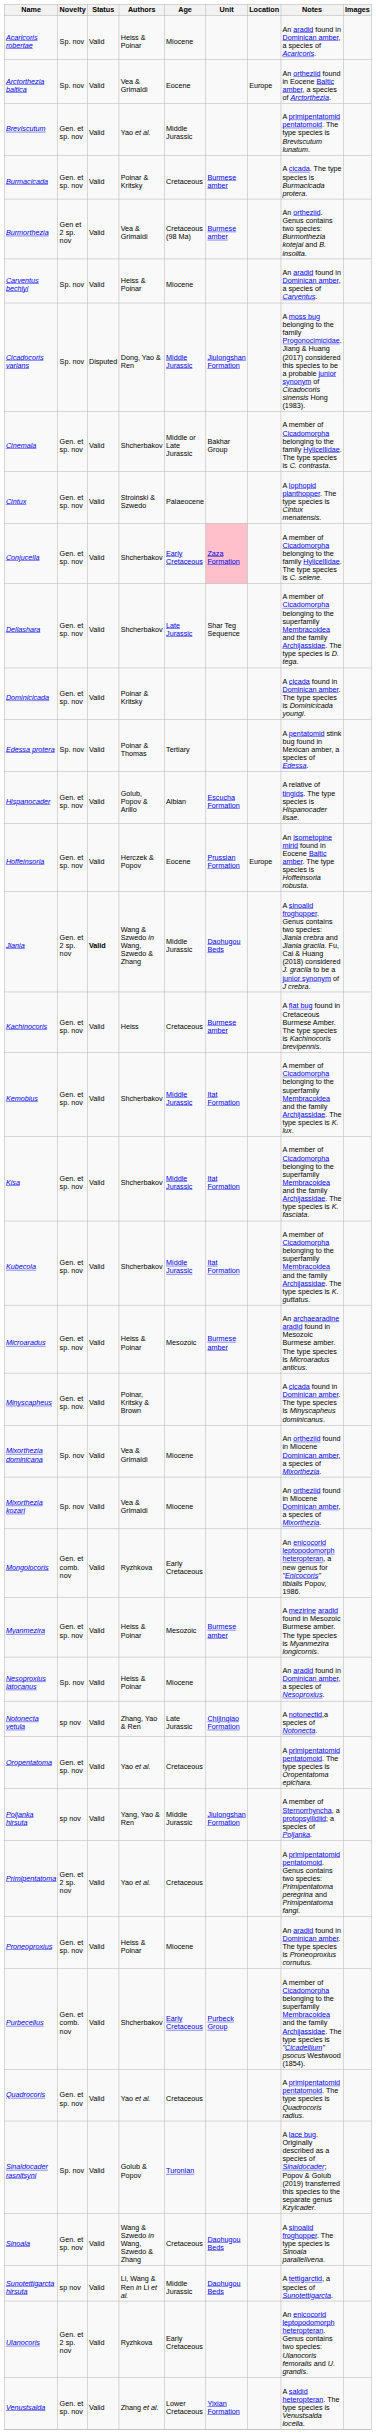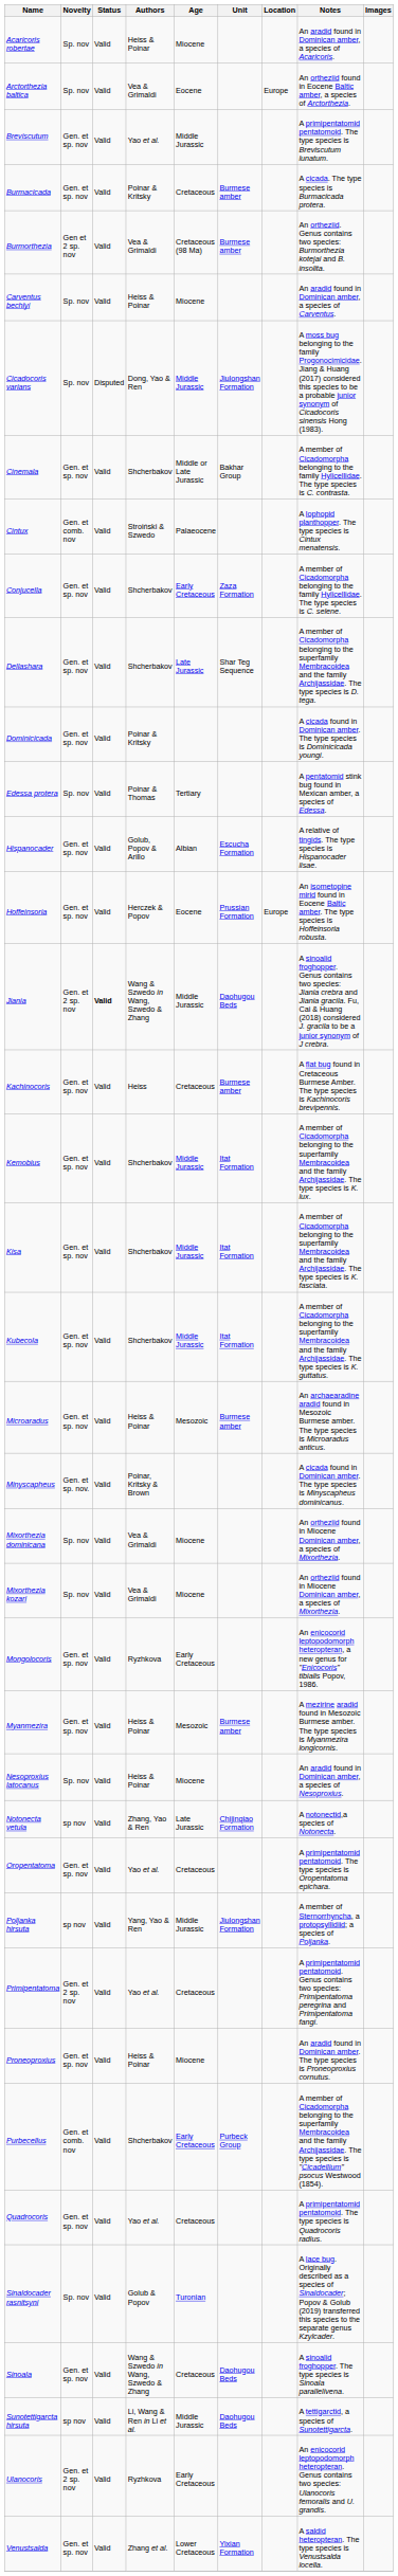 <table class="wikitable sortable" align="center" width="100%">
 <tr>
 <th>Name</th>
 <th>Novelty</th>
 <th>Status</th>
 <th>Authors</th>
 <th>Age</th>
 <th>Unit</th>
 <th>Location</th>
 <th>Notes</th>
 <th>Images</th>
 </tr>
 <tr>
 <td><br><em><a href='#'>Acaricoris robertae</a></em></td>
 <td><br>Sp. nov</td>
 <td><br>Valid</td>
 <td><br>Heiss & Poinar</td>
 <td><br>Miocene</td>
 <td></td>
 <td><br></td>
 <td><br>An <a href='#'>aradid</a> found in <a href='#'>Dominican amber</a>, a species of <em><a href='#'>Acaricoris</a></em>.</td>
 <td></td>
 </tr>
 <tr>
 <td><br><em><a href='#'>Arctorthezia baltica</a></em></td>
 <td><br>Sp. nov</td>
 <td><br>Valid</td>
 <td><br>Vea & Grimaldi</td>
 <td><br>Eocene</td>
 <td></td>
 <td><br>Europe</td>
 <td><br>An <a href='#'>ortheziid</a> found in Eocene <a href='#'>Baltic amber</a>, a species of <em><a href='#'>Arctorthezia</a></em>.</td>
 <td></td>
 </tr>
 <tr>
 <td><em><a href='#'>Breviscutum</a></em></td>
 <td><br>Gen. et sp. nov</td>
 <td><br>Valid</td>
 <td><br>Yao <em>et al.</em></td>
 <td><br>Middle Jurassic</td>
 <td></td>
 <td><br></td>
 <td><br>A <a href='#'>primipentatomid</a> <a href='#'>pentatomoid</a>. The type species is <em>Breviscutum lunatum</em>.</td>
 <td></td>
 </tr>
 <tr>
 <td><br><em><a href='#'>Burmacicada</a></em></td>
 <td><br>Gen. et sp. nov</td>
 <td><br>Valid</td>
 <td><br>Poinar & Kritsky</td>
 <td><br>Cretaceous</td>
 <td><br><a href='#'>Burmese amber</a></td>
 <td><br></td>
 <td><br>A <a href='#'>cicada</a>. The type species is <em>Burmacicada protera</em>.</td>
 <td></td>
 </tr>
 <tr>
 <td><br><em><a href='#'>Burmorthezia</a></em></td>
 <td><br>Gen et 2 sp. nov</td>
 <td><br>Valid</td>
 <td><br>Vea & Grimaldi</td>
 <td><br>Cretaceous (98 Ma)</td>
 <td><br><a href='#'>Burmese amber</a></td>
 <td><br></td>
 <td><br>An <a href='#'>ortheziid</a>. Genus contains two species: <em>Burmorthezia kotejai</em> and <em>B. insolita</em>.</td>
 <td></td>
 </tr>
 <tr>
 <td><br><em><a href='#'>Carventus bechlyi</a></em></td>
 <td><br>Sp. nov</td>
 <td><br>Valid</td>
 <td><br>Heiss & Poinar</td>
 <td><br>Miocene</td>
 <td></td>
 <td><br></td>
 <td><br>An <a href='#'>aradid</a> found in <a href='#'>Dominican amber</a>, a species of <em><a href='#'>Carventus</a></em>.</td>
 <td></td>
 </tr>
 <tr>
 <td><br><em><a href='#'>Cicadocoris varians</a></em></td>
 <td><br>Sp. nov</td>
 <td><br>Disputed</td>
 <td><br>Dong, Yao & Ren</td>
 <td><br><a href='#'>Middle Jurassic</a></td>
 <td><br><a href='#'>Jiulongshan Formation</a></td>
 <td><br></td>
 <td><br>A <a href='#'>moss bug</a> belonging to the family <a href='#'>Progonocimicidae</a>. Jiang & Huang (2017) considered this species to be a probable <a href='#'>junior synonym</a> of <em>Cicadocoris sinensis</em> Hong (1983).</td>
 <td></td>
 </tr>
 <tr>
 <td><br><em><a href='#'>Cinemala</a></em></td>
 <td><br>Gen. et sp. nov</td>
 <td><br>Valid</td>
 <td><br>Shcherbakov</td>
 <td><br>Middle or Late Jurassic</td>
 <td><br>Bakhar Group</td>
 <td><br></td>
 <td><br>A member of <a href='#'>Cicadomorpha</a> belonging to the family <a href='#'>Hylicellidae</a>. The type species is <em>C. contrasta</em>.</td>
 <td></td>
 </tr>
 <tr>
 <td><br><em><a href='#'>Cintux</a></em></td>
-<td><br>Gen. et sp. nov</td>
+<td><br>Gen. et comb. nov</td>
 <td><br>Valid</td>
 <td><br>Stroiński & Szwedo</td>
 <td><br>Palaeocene</td>
 <td></td>
 <td><br></td>
 <td><br>A <a href='#'>lophopid</a> <a href='#'>planthopper</a>. The type species is <em>Cintux menatensis</em>.</td>
 <td></td>
 </tr>
 <tr>
 <td><br><em><a href='#'>Conjucella</a></em></td>
 <td><br>Gen. et sp. nov</td>
 <td><br>Valid</td>
 <td><br>Shcherbakov</td>
 <td><br><a href='#'>Early Cretaceous</a></td>
-<td style="background: pink;"><br><a href='#'>Zaza Formation</a></td>
+<td><br><a href='#'>Zaza Formation</a></td>
 <td><br></td>
 <td><br>A member of <a href='#'>Cicadomorpha</a> belonging to the family <a href='#'>Hylicellidae</a>. The type species is <em>C. selene</em>.</td>
 <td></td>
 </tr>
 <tr>
 <td><br><em><a href='#'>Dellashara</a></em></td>
 <td><br>Gen. et sp. nov</td>
 <td><br>Valid</td>
 <td><br>Shcherbakov</td>
 <td><br><a href='#'>Late Jurassic</a></td>
 <td><br>Shar Teg Sequence</td>
 <td><br></td>
 <td><br>A member of <a href='#'>Cicadomorpha</a> belonging to the superfamily <a href='#'>Membracoidea</a> and the family <a href='#'>Archijassidae</a>. The type species is <em>D. tega</em>.</td>
 <td></td>
 </tr>
 <tr>
 <td><br><em><a href='#'>Dominicicada</a></em></td>
 <td><br>Gen. et sp. nov</td>
 <td><br>Valid</td>
 <td><br>Poinar & Kritsky</td>
 <td></td>
 <td></td>
 <td><br></td>
 <td><br>A <a href='#'>cicada</a> found in <a href='#'>Dominican amber</a>. The type species is <em>Dominicicada youngi</em>.</td>
 <td></td>
 </tr>
 <tr>
 <td><br><em><a href='#'>Edessa protera</a></em></td>
 <td><br>Sp. nov</td>
 <td><br>Valid</td>
 <td><br>Poinar & Thomas</td>
 <td><br>Tertiary</td>
 <td></td>
 <td><br></td>
 <td><br>A <a href='#'>pentatomid</a> stink bug found in Mexican amber, a species of <em><a href='#'>Edessa</a></em>.</td>
 <td></td>
 </tr>
 <tr>
 <td><br><em><a href='#'>Hispanocader</a></em></td>
 <td><br>Gen. et sp. nov</td>
 <td><br>Valid</td>
 <td><br>Golub, Popov & Arillo</td>
 <td><br>Albian</td>
 <td><br><a href='#'>Escucha Formation</a></td>
 <td><br></td>
 <td><br>A relative of <a href='#'>tingids</a>. The type species is <em>Hispanocader lisae</em>.</td>
 <td></td>
 </tr>
 <tr>
 <td><br><em><a href='#'>Hoffeinsoria</a></em></td>
 <td><br>Gen. et sp. nov</td>
 <td><br>Valid</td>
 <td><br>Herczek & Popov</td>
 <td><br>Eocene</td>
 <td><br><a href='#'>Prussian Formation</a></td>
 <td><br>Europe</td>
 <td><br>An <a href='#'>isometopine</a> <a href='#'>mirid</a> found in Eocene <a href='#'>Baltic amber</a>. The type species is <em>Hoffeinsoria robusta</em>.</td>
 <td></td>
 </tr>
 <tr>
 <td><br><em><a href='#'>Jiania</a></em></td>
 <td><br>Gen. et 2 sp. nov</td>
 <td><strong><br>Valid</strong></td>
 <td><br>Wang & Szwedo <em>in</em> Wang, Szwedo & Zhang</td>
 <td><br>Middle Jurassic</td>
 <td><br><a href='#'>Daohugou Beds</a></td>
 <td><br></td>
 <td><br>A <a href='#'>sinoalid</a> <a href='#'>froghopper</a>. Genus contains two species: <em>Jiania crebra</em> and <em>Jiania gracila</em>. Fu, Cai & Huang (2018) considered <em>J. gracila</em> to be a <a href='#'>junior synonym</a> of <em>J crebra</em>.</td>
 <td></td>
 </tr>
 <tr>
 <td><br><em><a href='#'>Kachinocoris</a></em></td>
 <td><br>Gen. et sp. nov</td>
 <td><br>Valid</td>
 <td><br>Heiss</td>
 <td><br>Cretaceous</td>
 <td><br><a href='#'>Burmese amber</a></td>
 <td><br></td>
 <td><br>A <a href='#'>flat bug</a> found in Cretaceous Burmese Amber. The type species is <em>Kachinocoris brevipennis</em>.</td>
 <td></td>
 </tr>
 <tr>
 <td><br><em><a href='#'>Kemobius</a></em></td>
 <td><br>Gen. et sp. nov</td>
 <td><br>Valid</td>
 <td><br>Shcherbakov</td>
 <td><br><a href='#'>Middle Jurassic</a></td>
 <td><br><a href='#'>Itat Formation</a></td>
 <td><br></td>
 <td><br>A member of <a href='#'>Cicadomorpha</a> belonging to the superfamily <a href='#'>Membracoidea</a> and the family <a href='#'>Archijassidae</a>. The type species is <em>K. lux</em>.</td>
 <td></td>
 </tr>
 <tr>
 <td><br><em><a href='#'>Kisa</a></em></td>
 <td><br>Gen. et sp. nov</td>
 <td><br>Valid</td>
 <td><br>Shcherbakov</td>
 <td><br><a href='#'>Middle Jurassic</a></td>
 <td><br><a href='#'>Itat Formation</a></td>
 <td><br></td>
 <td><br>A member of <a href='#'>Cicadomorpha</a> belonging to the superfamily <a href='#'>Membracoidea</a> and the family <a href='#'>Archijassidae</a>. The type species is <em>K. fasciata</em>.</td>
 <td></td>
 </tr>
 <tr>
 <td><br><em><a href='#'>Kubecola</a></em></td>
 <td><br>Gen. et sp. nov</td>
 <td><br>Valid</td>
 <td><br>Shcherbakov</td>
 <td><br><a href='#'>Middle Jurassic</a></td>
 <td><br><a href='#'>Itat Formation</a></td>
 <td><br></td>
 <td><br>A member of <a href='#'>Cicadomorpha</a> belonging to the superfamily <a href='#'>Membracoidea</a> and the family <a href='#'>Archijassidae</a>. The type species is <em>K. guttatus</em>.</td>
 <td></td>
 </tr>
 <tr>
 <td><br><em><a href='#'>Microaradus</a></em></td>
 <td><br>Gen. et sp. nov</td>
 <td><br>Valid</td>
 <td><br>Heiss & Poinar</td>
 <td><br>Mesozoic</td>
 <td><br><a href='#'>Burmese amber</a></td>
 <td><br></td>
 <td><br>An <a href='#'>archaearadine</a> <a href='#'>aradid</a> found in Mesozoic Burmese amber. The type species is <em>Microaradus anticus</em>.</td>
 <td></td>
 </tr>
 <tr>
 <td><br><em><a href='#'>Minyscapheus</a></em></td>
 <td><br>Gen. et sp. nov.</td>
 <td><br>Valid</td>
 <td><br>Poinar, Kritsky & Brown</td>
 <td></td>
 <td></td>
 <td><br></td>
 <td><br>A <a href='#'>cicada</a> found in <a href='#'>Dominican amber</a>. The type species is <em>Minyscapheus dominicanus</em>.</td>
 <td></td>
 </tr>
 <tr>
 <td><br><em><a href='#'>Mixorthezia dominicana</a></em></td>
 <td><br>Sp. nov</td>
 <td><br>Valid</td>
 <td><br>Vea & Grimaldi</td>
 <td><br>Miocene</td>
 <td></td>
 <td><br></td>
 <td><br>An <a href='#'>ortheziid</a> found in Miocene <a href='#'>Dominican amber</a>, a species of <em><a href='#'>Mixorthezia</a></em>.</td>
 <td></td>
 </tr>
 <tr>
 <td><br><em><a href='#'>Mixorthezia kozari</a></em></td>
 <td><br>Sp. nov</td>
 <td><br>Valid</td>
 <td><br>Vea & Grimaldi</td>
 <td><br>Miocene</td>
 <td></td>
 <td><br></td>
 <td><br>An <a href='#'>ortheziid</a> found in Miocene <a href='#'>Dominican amber</a>, a species of <em><a href='#'>Mixorthezia</a></em>.</td>
 <td></td>
 </tr>
 <tr>
 <td><br><em><a href='#'>Mongolocoris</a></em></td>
-<td><br>Gen. et comb. nov</td>
+<td><br>Gen. et sp. nov</td>
 <td><br>Valid</td>
 <td><br>Ryzhkova</td>
 <td><br>Early Cretaceous</td>
 <td></td>
 <td><br></td>
 <td><br>An <a href='#'>enicocorid</a> <a href='#'>leptopodomorph</a> <a href='#'>heteropteran</a>, a new genus for <em>"<a href='#'>Enicocoris</a>" tibialis</em> Popov, 1986.</td>
 <td></td>
 </tr>
 <tr>
 <td><br><em><a href='#'>Myanmezira</a></em></td>
 <td><br>Gen. et sp. nov</td>
 <td><br>Valid</td>
 <td><br>Heiss & Poinar</td>
 <td><br>Mesozoic</td>
 <td><br><a href='#'>Burmese amber</a></td>
 <td><br></td>
 <td><br>A <a href='#'>mezirine</a> <a href='#'>aradid</a> found in Mesozoic Burmese amber. The type species is <em>Myanmezira longicornis</em>.</td>
 <td></td>
 </tr>
 <tr>
 <td><br><em><a href='#'>Nesoproxius latocanus</a></em></td>
 <td><br>Sp. nov</td>
 <td><br>Valid</td>
 <td><br>Heiss & Poinar</td>
 <td><br>Miocene</td>
 <td></td>
 <td><br></td>
 <td><br>An <a href='#'>aradid</a> found in <a href='#'>Dominican amber</a>, a species of <em><a href='#'>Nesoproxius</a></em>.</td>
 <td></td>
 </tr>
 <tr>
 <td><br><em><a href='#'>Notonecta vetula</a></em></td>
 <td><br>sp nov</td>
 <td><br>Valid</td>
 <td><br>Zhang, Yao & Ren</td>
 <td><br>Late Jurassic</td>
 <td><br><a href='#'>Chijinqiao Formation</a></td>
 <td><br></td>
 <td><br>A <a href='#'>notonectid</a>,a  species of <em><a href='#'>Notonecta</a></em>.</td>
 <td></td>
 </tr>
 <tr>
 <td><em><a href='#'>Oropentatoma</a></em></td>
 <td><br>Gen. et sp. nov</td>
 <td><br>Valid</td>
 <td><br>Yao <em>et al.</em></td>
 <td><br>Cretaceous</td>
 <td></td>
 <td><br></td>
 <td><br>A <a href='#'>primipentatomid</a> <a href='#'>pentatomoid</a>. The type species is <em>Oropentatoma epichara</em>.</td>
 <td></td>
 </tr>
 <tr>
 <td><br><em><a href='#'>Poljanka hirsuta</a></em></td>
 <td><br>sp nov</td>
 <td><br>Valid</td>
 <td><br>Yang, Yao & Ren</td>
 <td><br>Middle Jurassic</td>
 <td><br><a href='#'>Jiulongshan Formation</a></td>
 <td><br></td>
 <td><br>A member of <a href='#'>Sternorrhyncha</a>, a <a href='#'>protopsyllidiid</a>; a species of <em><a href='#'>Poljanka</a></em>.</td>
 <td></td>
 </tr>
 <tr>
 <td><em><a href='#'>Primipentatoma</a></em></td>
 <td><br>Gen. et 2 sp. nov</td>
 <td><br>Valid</td>
 <td><br>Yao <em>et al.</em></td>
 <td><br>Cretaceous</td>
 <td></td>
 <td><br></td>
 <td><br>A <a href='#'>primipentatomid</a> <a href='#'>pentatomoid</a>. Genus contains two species: <em>Primipentatoma peregrina</em> and <em>Primipentatoma fangi</em>.</td>
 <td></td>
 </tr>
 <tr>
 <td><br><em><a href='#'>Proneoproxius</a></em></td>
 <td><br>Gen. et sp. nov</td>
 <td><br>Valid</td>
 <td><br>Heiss & Poinar</td>
 <td><br>Miocene</td>
 <td></td>
 <td><br></td>
 <td><br>An <a href='#'>aradid</a> found in <a href='#'>Dominican amber</a>. The type species is <em>Proneoproxius cornutus</em>.</td>
 <td></td>
 </tr>
 <tr>
 <td><br><em><a href='#'>Purbecellus</a></em></td>
 <td><br>Gen. et comb. nov</td>
 <td><br>Valid</td>
 <td><br>Shcherbakov</td>
 <td><br><a href='#'>Early Cretaceous</a></td>
 <td><br><a href='#'>Purbeck Group</a></td>
 <td><br></td>
 <td><br>A member of <a href='#'>Cicadomorpha</a> belonging to the superfamily <a href='#'>Membracoidea</a> and the family <a href='#'>Archijassidae</a>. The type species is <em>"<a href='#'>Cicadellium</a>" psocus</em> Westwood (1854).</td>
 <td></td>
 </tr>
 <tr>
 <td><em><a href='#'>Quadrocoris</a></em></td>
 <td><br>Gen. et sp. nov</td>
 <td><br>Valid</td>
 <td><br>Yao <em>et al.</em></td>
 <td><br>Cretaceous</td>
 <td></td>
 <td><br></td>
 <td><br>A <a href='#'>primipentatomid</a> <a href='#'>pentatomoid</a>. The type species is <em>Quadrocoris radius</em>.</td>
 <td></td>
 </tr>
 <tr>
 <td><br><em><a href='#'>Sinaldocader rasnitsyni</a></em></td>
 <td><br>Sp. nov</td>
 <td><br>Valid</td>
 <td><br>Golub & Popov</td>
 <td><br><a href='#'>Turonian</a></td>
 <td></td>
 <td><br></td>
 <td><br>A <a href='#'>lace bug</a>. Originally described as a species of <em><a href='#'>Sinaldocader</a></em>; Popov & Golub (2019) transferred this species to the separate genus <em>Kzylcader</em>.</td>
 <td></td>
 </tr>
 <tr>
 <td><br><em><a href='#'>Sinoala</a></em></td>
 <td><br>Gen. et sp. nov</td>
 <td><br>Valid</td>
 <td><br>Wang & Szwedo <em>in</em> Wang, Szwedo & Zhang</td>
 <td><br>Cretaceous</td>
 <td><br><a href='#'>Daohugou Beds</a></td>
 <td><br></td>
 <td><br>A <a href='#'>sinoalid</a> <a href='#'>froghopper</a>. The type species is <em>Sinoala parallelivena</em>.</td>
 <td></td>
 </tr>
 <tr>
 <td><br><em><a href='#'>Sunotettigarcta hirsuta</a></em></td>
 <td><br>sp nov</td>
 <td><br>Valid</td>
 <td><br>Li, Wang & Ren <em>in</em> Li <em>et al.</em></td>
 <td><br>Middle Jurassic</td>
 <td><br><a href='#'>Daohugou Beds</a></td>
 <td><br></td>
 <td><br>A <a href='#'>tettigarctid</a>, a species of <em><a href='#'>Sunotettigarcta</a></em>.</td>
 <td></td>
 </tr>
 <tr>
 <td><br><em><a href='#'>Ulanocoris</a></em></td>
 <td><br>Gen. et 2 sp. nov</td>
 <td><br>Valid</td>
 <td><br>Ryzhkova</td>
 <td><br>Early Cretaceous</td>
 <td></td>
 <td><br></td>
 <td><br>An <a href='#'>enicocorid</a> <a href='#'>leptopodomorph</a> <a href='#'>heteropteran</a>. Genus contains two species: <em>Ulanocoris femoralis</em> and <em>U. grandis</em>.</td>
 <td></td>
 </tr>
 <tr>
 <td><br><em><a href='#'>Venustsalda</a></em></td>
 <td><br>Gen. et sp. nov</td>
 <td><br>Valid</td>
 <td><br>Zhang <em>et al.</em></td>
 <td><br>Lower Cretaceous</td>
 <td><br><a href='#'>Yixian Formation</a></td>
 <td><br></td>
 <td><br>A <a href='#'>saldid</a> <a href='#'>heteropteran</a>. The type species is <em>Venustsalda locella</em>.</td>
 <td></td>
 </tr>
 <tr>
 </tr>
 </table>
